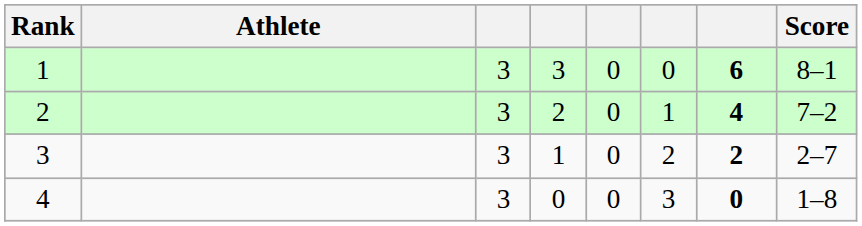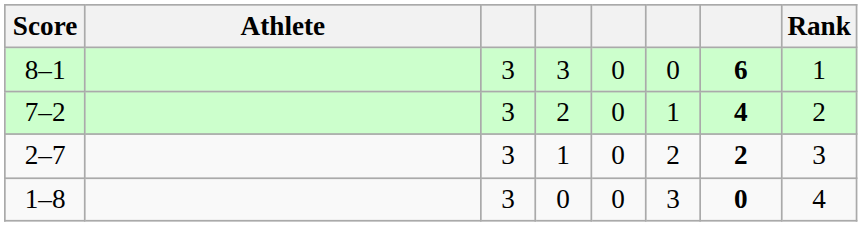 <table class="wikitable" style="text-align: center;">
 <tr>
-<th width=25>Rank</th>
+<th width=40>Score</th>
 <th width=225>Athlete</th>
 <th width=25></th>
 <th width=25></th>
 <th width=25></th>
 <th width=25></th>
 <th width=40></th>
-<th width=40>Score</th>
+<th width=25>Rank</th>
 </tr>
 <tr bgcolor=ccffcc>
-<td>1</td>
+<td>8–1</td>
 <td align=left></td>
 <td>3</td>
 <td>3</td>
 <td>0</td>
 <td>0</td>
 <td><strong>6</strong></td>
-<td>8–1</td>
+<td>1</td>
 </tr>
 <tr bgcolor=ccffcc>
-<td>2</td>
+<td>7–2</td>
 <td align=left></td>
 <td>3</td>
 <td>2</td>
 <td>0</td>
 <td>1</td>
 <td><strong>4</strong></td>
-<td>7–2</td>
+<td>2</td>
 </tr>
 <tr>
-<td>3</td>
+<td>2–7</td>
 <td align=left></td>
 <td>3</td>
 <td>1</td>
 <td>0</td>
 <td>2</td>
 <td><strong>2</strong></td>
-<td>2–7</td>
+<td>3</td>
 </tr>
 <tr>
-<td>4</td>
+<td>1–8</td>
 <td align=left></td>
 <td>3</td>
 <td>0</td>
 <td>0</td>
 <td>3</td>
 <td><strong>0</strong></td>
-<td>1–8</td>
+<td>4</td>
 </tr>
 </table>
